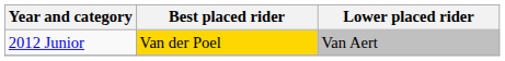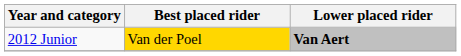 <table class=wikitable>
 <tr>
 <th>Year and category</th>
 <th width=175>Best placed rider</th>
 <th width=175>Lower placed rider</th>
 </tr>
 <tr>
 <td><a href='#'>2012 Junior</a></td>
 <td bgcolor="FFD700"> Van der Poel</td>
-<td bgcolor="C0C0C0"> Van Aert</td>
+<td bgcolor="C0C0C0"><strong> Van Aert</strong></td>
 </tr>
 <tr>
 </tr>
 </table>
